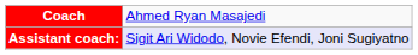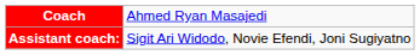 <table class="wikitable">
 <tr>
 <th style="color:#FFFFFF; background:#ff0000;">Coach</th>
 <td> <a href='#'>Ahmed Ryan Masajedi</a></td>
 </tr>
 <tr>
 <th style="color:#FFFFFF; background:#ff0000;"><strong>Assistant coach:</strong></th>
-<td style="background: lavender;"> <a href='#'>Sigit Ari Widodo</a>, Novie Efendi, Joni Sugiyatno</td>
+<td> <a href='#'>Sigit Ari Widodo</a>, Novie Efendi, Joni Sugiyatno</td>
 </tr>
 </table>
